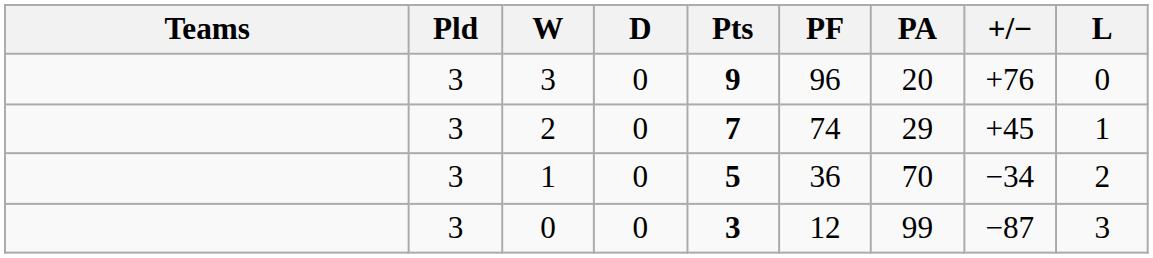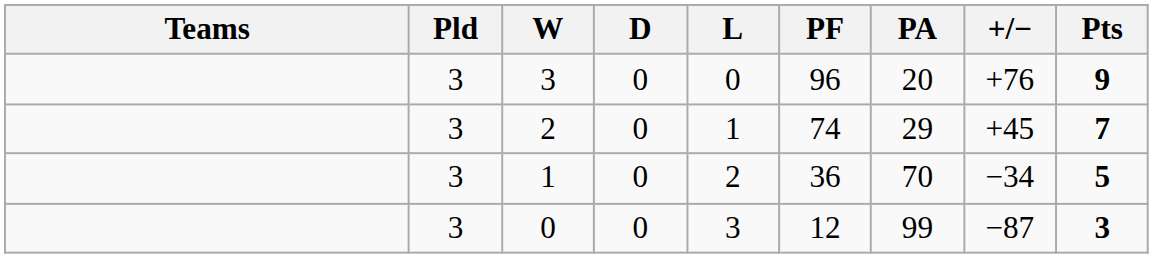 <table class="wikitable" style="text-align: center;">
 <tr>
 <th width="200">Teams</th>
 <th width="40">Pld</th>
 <th width="40">W</th>
 <th width="40">D</th>
-<th width="40">Pts</th>
+<th width="40">L</th>
 <th width="40">PF</th>
 <th width="40">PA</th>
 <th width="40">+/−</th>
-<th width="40">L</th>
+<th width="40">Pts</th>
 </tr>
 <tr>
 <td align=left></td>
 <td>3</td>
 <td>3</td>
 <td>0</td>
-<td><strong>9</strong></td>
+<td>0</td>
 <td>96</td>
 <td>20</td>
 <td>+76</td>
-<td>0</td>
+<td><strong>9</strong></td>
 </tr>
 <tr>
 <td align=left></td>
 <td>3</td>
 <td>2</td>
 <td>0</td>
-<td><strong>7</strong></td>
+<td>1</td>
 <td>74</td>
 <td>29</td>
 <td>+45</td>
-<td>1</td>
+<td><strong>7</strong></td>
 </tr>
 <tr>
 <td align=left></td>
 <td>3</td>
 <td>1</td>
 <td>0</td>
-<td><strong>5</strong></td>
+<td>2</td>
 <td>36</td>
 <td>70</td>
 <td>−34</td>
-<td>2</td>
+<td><strong>5</strong></td>
 </tr>
 <tr>
 <td align=left></td>
 <td>3</td>
 <td>0</td>
 <td>0</td>
-<td><strong>3</strong></td>
+<td>3</td>
 <td>12</td>
 <td>99</td>
 <td>−87</td>
-<td>3</td>
+<td><strong>3</strong></td>
 </tr>
 </table>
